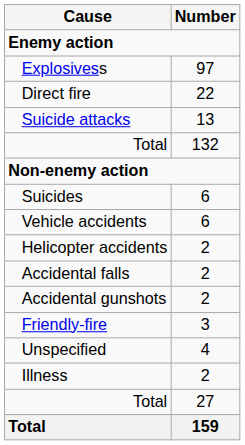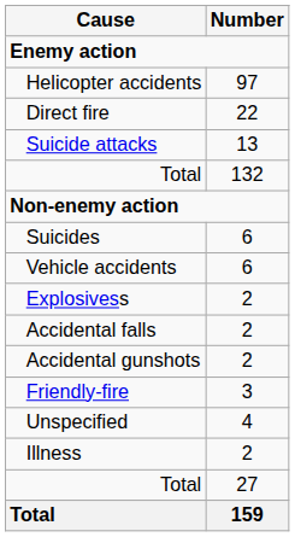 <table Class="wikitable">
 <tr>
 </tr>
 <tr>
 <th style="background:#f5f5f5; text-align:center;">Cause</th>
 <th style="background:#f5f5f5; text-align:center;">Number</th>
 </tr>
 <tr>
 <td colspan="2"><strong>Enemy action</strong></td>
 </tr>
 <tr>
-<td>   <a href='#'>Explosives</a>s</td>
+<td>   Helicopter accidents</td>
 <td style="text-align:center;">97</td>
 </tr>
 <tr>
 <td>   Direct fire</td>
 <td style="text-align:center;">22</td>
 </tr>
 <tr>
 <td>   <a href='#'>Suicide attacks</a></td>
 <td style="text-align:center;">13</td>
 </tr>
 <tr>
 <td style="text-align:right;">Total</td>
 <td style="text-align:center;">132</td>
 </tr>
 <tr>
 <td colspan="2"><strong>Non-enemy action</strong></td>
 </tr>
 <tr>
 <td>   Suicides</td>
 <td style="text-align:center;">6</td>
 </tr>
 <tr>
 <td>   Vehicle accidents</td>
 <td style="text-align:center;">6</td>
 </tr>
 <tr>
-<td>   Helicopter accidents</td>
+<td>   <a href='#'>Explosives</a>s</td>
 <td style="text-align:center;">2</td>
 </tr>
 <tr>
 <td>   Accidental falls</td>
 <td style="text-align:center;">2</td>
 </tr>
 <tr>
 <td>   Accidental gunshots</td>
 <td style="text-align:center;">2</td>
 </tr>
 <tr>
 <td>   <a href='#'>Friendly-fire</a></td>
 <td style="text-align:center;">3</td>
 </tr>
 <tr>
 <td>   Unspecified</td>
 <td style="text-align:center;">4</td>
 </tr>
 <tr>
 <td>   Illness</td>
 <td style="text-align:center;">2</td>
 </tr>
 <tr>
 <td style="text-align:right;">Total</td>
 <td style="text-align:center;">27</td>
 </tr>
 <tr>
 <th style="text-align:left">Total</th>
 <th>159</th>
 </tr>
 </table>
